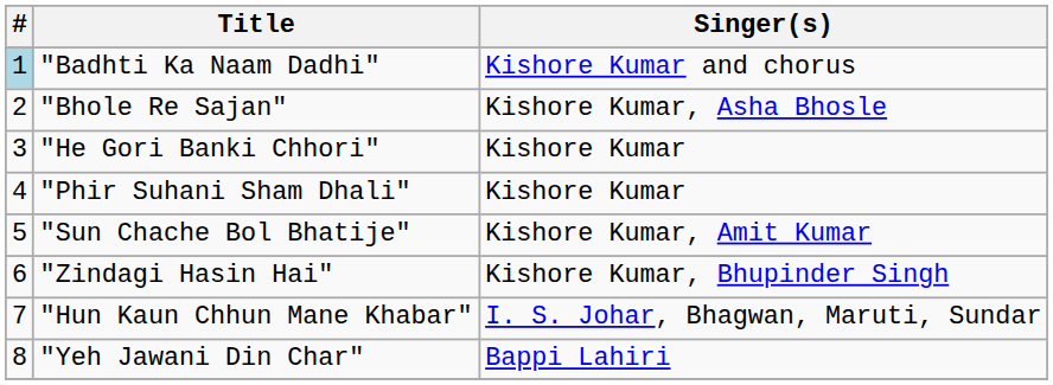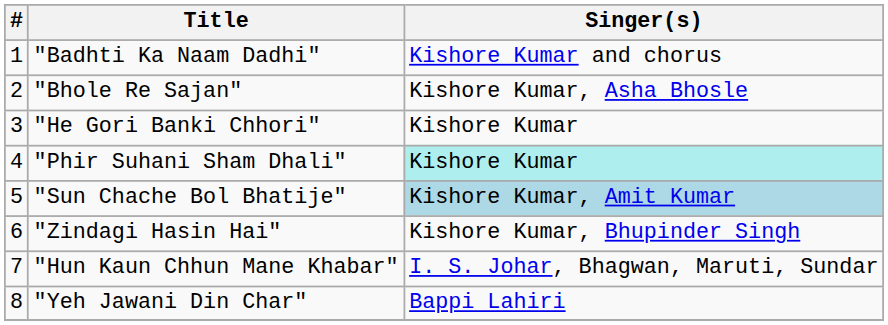 <table class="wikitable" style="font-size:95%;">
 <tr>
 <th>#</th>
 <th>Title</th>
 <th>Singer(s)</th>
 </tr>
 <tr>
-<td style="background: lightblue;">1</td>
+<td>1</td>
 <td>"Badhti Ka Naam Dadhi"</td>
 <td><a href='#'>Kishore Kumar</a> and chorus</td>
 </tr>
 <tr>
 <td>2</td>
 <td>"Bhole Re Sajan"</td>
 <td>Kishore Kumar, <a href='#'>Asha Bhosle</a></td>
 </tr>
 <tr>
 <td>3</td>
 <td>"He Gori Banki Chhori"</td>
 <td>Kishore Kumar</td>
 </tr>
 <tr>
 <td>4</td>
 <td>"Phir Suhani Sham Dhali"</td>
-<td>Kishore Kumar</td>
+<td style="background: paleturquoise;">Kishore Kumar</td>
 </tr>
 <tr>
 <td>5</td>
 <td>"Sun Chache Bol Bhatije"</td>
-<td>Kishore Kumar, <a href='#'>Amit Kumar</a></td>
+<td style="background: lightblue;">Kishore Kumar, <a href='#'>Amit Kumar</a></td>
 </tr>
 <tr>
 <td>6</td>
 <td>"Zindagi Hasin Hai"</td>
 <td>Kishore Kumar, <a href='#'>Bhupinder Singh</a></td>
 </tr>
 <tr>
 <td>7</td>
 <td>"Hun Kaun Chhun Mane Khabar"</td>
 <td><a href='#'>I. S. Johar</a>, Bhagwan, Maruti, Sundar</td>
 </tr>
 <tr>
 <td>8</td>
 <td>"Yeh Jawani Din Char"</td>
 <td><a href='#'>Bappi Lahiri</a></td>
 </tr>
 <tr>
 </tr>
 </table>
